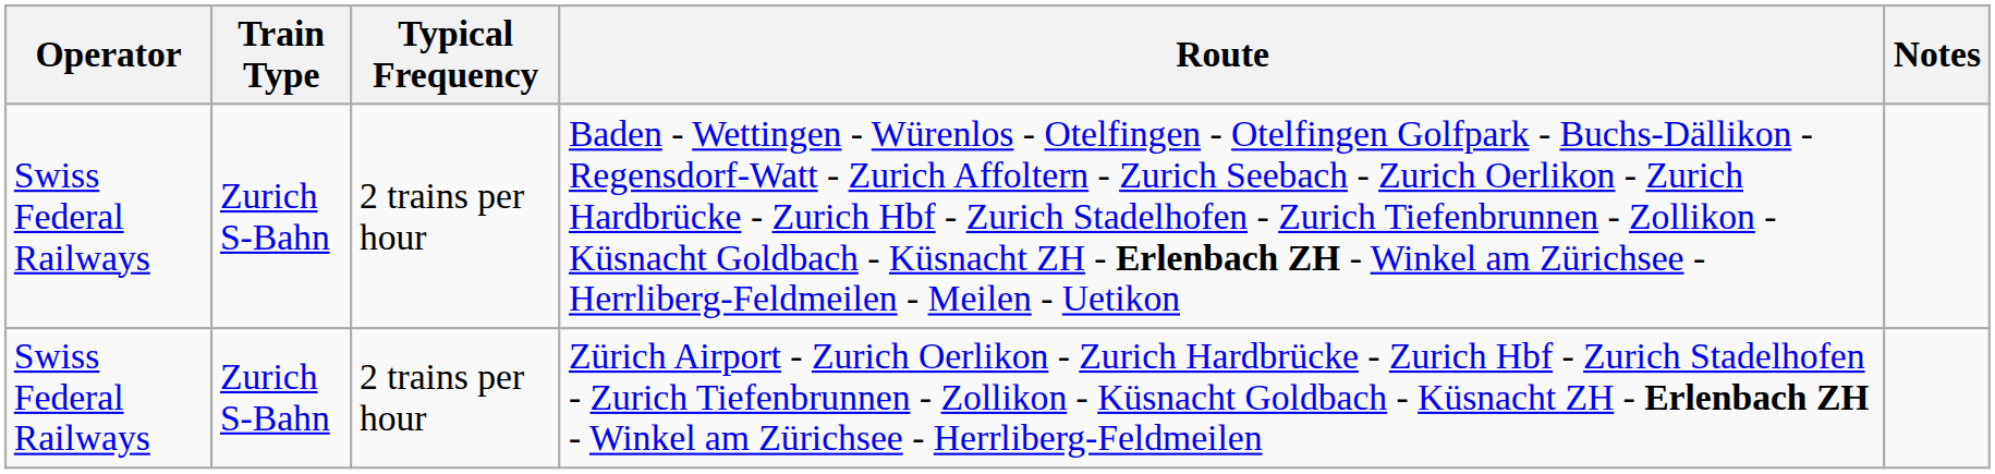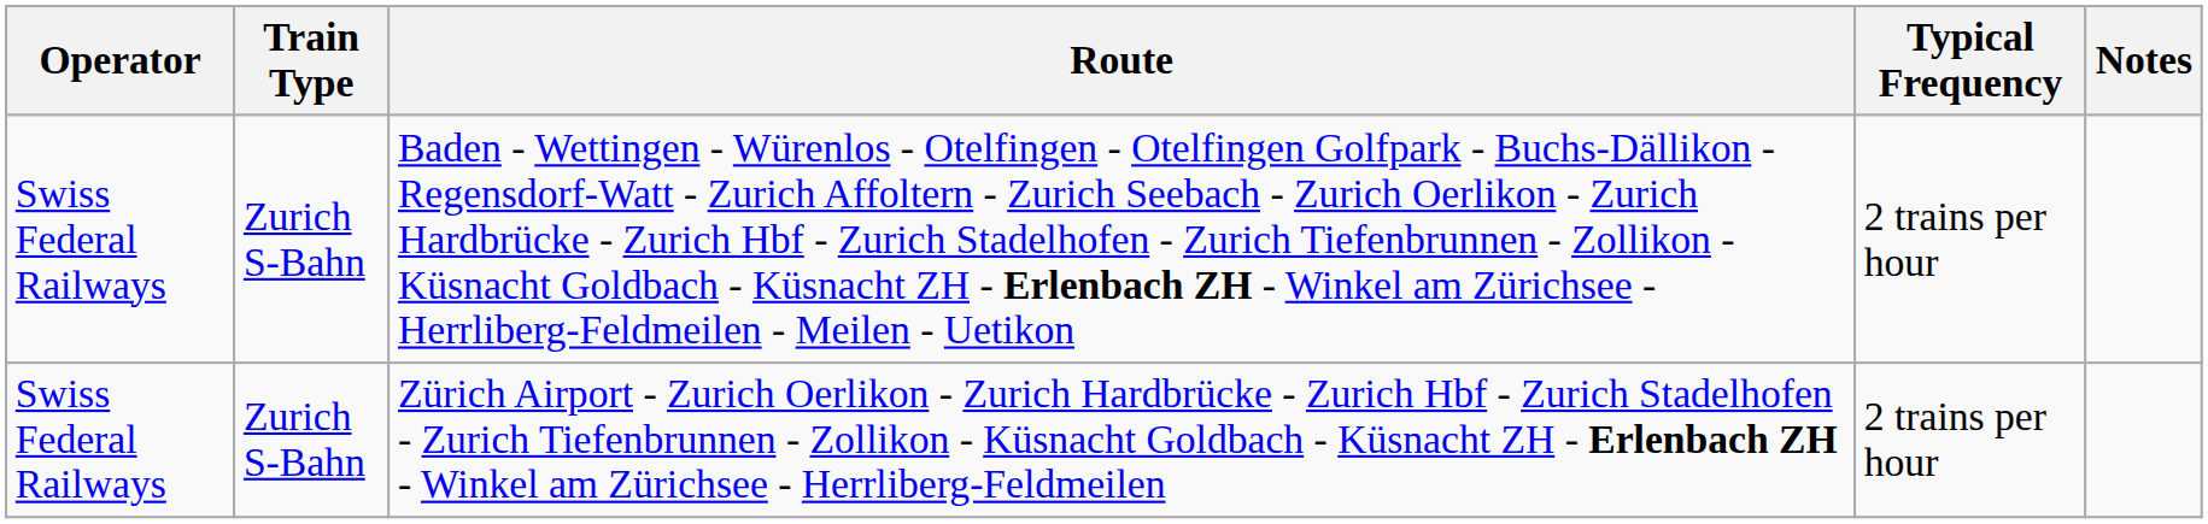 <table class="wikitable vatop">
 <tr>
 <th>Operator</th>
 <th>Train Type</th>
+<th>Route</th>
 <th>Typical Frequency</th>
-<th>Route</th>
 <th>Notes</th>
 </tr>
 <tr>
 <td><a href='#'>Swiss Federal Railways</a></td>
 <td><a href='#'>Zurich S-Bahn</a><br></td>
+<td><a href='#'>Baden</a> - <a href='#'>Wettingen</a> - <a href='#'>Würenlos</a> - <a href='#'>Otelfingen</a> - <a href='#'>Otelfingen Golfpark</a> - <a href='#'>Buchs-Dällikon</a> - <a href='#'>Regensdorf-Watt</a> - <a href='#'>Zurich Affoltern</a> - <a href='#'>Zurich Seebach</a> - <a href='#'>Zurich Oerlikon</a> - <a href='#'>Zurich Hardbrücke</a> - <a href='#'>Zurich Hbf</a> - <a href='#'>Zurich Stadelhofen</a> - <a href='#'>Zurich Tiefenbrunnen</a> - <a href='#'>Zollikon</a> - <a href='#'>Küsnacht Goldbach</a> - <a href='#'>Küsnacht ZH</a> - <strong>Erlenbach ZH</strong> - <a href='#'>Winkel am Zürichsee</a> - <a href='#'>Herrliberg-Feldmeilen</a> - <a href='#'>Meilen</a> - <a href='#'>Uetikon</a></td>
 <td>2 trains per hour</td>
-<td><a href='#'>Baden</a> - <a href='#'>Wettingen</a> - <a href='#'>Würenlos</a> - <a href='#'>Otelfingen</a> - <a href='#'>Otelfingen Golfpark</a> - <a href='#'>Buchs-Dällikon</a> - <a href='#'>Regensdorf-Watt</a> - <a href='#'>Zurich Affoltern</a> - <a href='#'>Zurich Seebach</a> - <a href='#'>Zurich Oerlikon</a> - <a href='#'>Zurich Hardbrücke</a> - <a href='#'>Zurich Hbf</a> - <a href='#'>Zurich Stadelhofen</a> - <a href='#'>Zurich Tiefenbrunnen</a> - <a href='#'>Zollikon</a> - <a href='#'>Küsnacht Goldbach</a> - <a href='#'>Küsnacht ZH</a> - <strong>Erlenbach ZH</strong> - <a href='#'>Winkel am Zürichsee</a> - <a href='#'>Herrliberg-Feldmeilen</a> - <a href='#'>Meilen</a> - <a href='#'>Uetikon</a></td>
 <td></td>
 </tr>
 <tr>
 <td><a href='#'>Swiss Federal Railways</a></td>
 <td><a href='#'>Zurich S-Bahn</a><br></td>
+<td><a href='#'>Zürich Airport</a> - <a href='#'>Zurich Oerlikon</a> - <a href='#'>Zurich Hardbrücke</a> - <a href='#'>Zurich Hbf</a> - <a href='#'>Zurich Stadelhofen</a> - <a href='#'>Zurich Tiefenbrunnen</a> - <a href='#'>Zollikon</a> - <a href='#'>Küsnacht Goldbach</a> - <a href='#'>Küsnacht ZH</a> - <strong>Erlenbach ZH</strong> - <a href='#'>Winkel am Zürichsee</a> - <a href='#'>Herrliberg-Feldmeilen</a></td>
 <td>2 trains per hour</td>
-<td><a href='#'>Zürich Airport</a> - <a href='#'>Zurich Oerlikon</a> - <a href='#'>Zurich Hardbrücke</a> - <a href='#'>Zurich Hbf</a> - <a href='#'>Zurich Stadelhofen</a> - <a href='#'>Zurich Tiefenbrunnen</a> - <a href='#'>Zollikon</a> - <a href='#'>Küsnacht Goldbach</a> - <a href='#'>Küsnacht ZH</a> - <strong>Erlenbach ZH</strong> - <a href='#'>Winkel am Zürichsee</a> - <a href='#'>Herrliberg-Feldmeilen</a></td>
 <td></td>
 </tr>
 </table>
